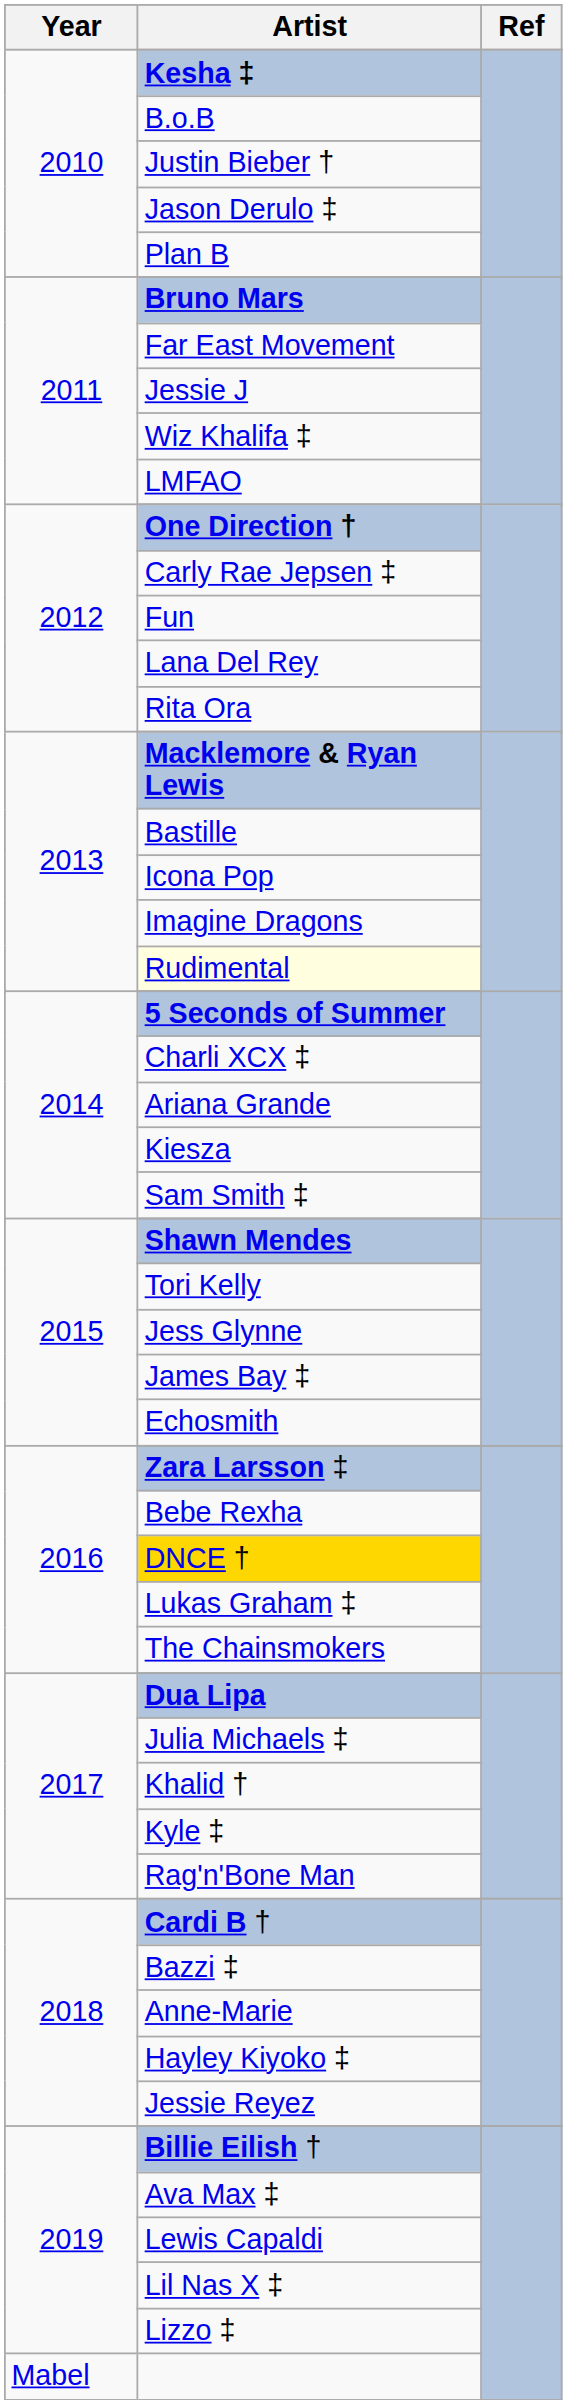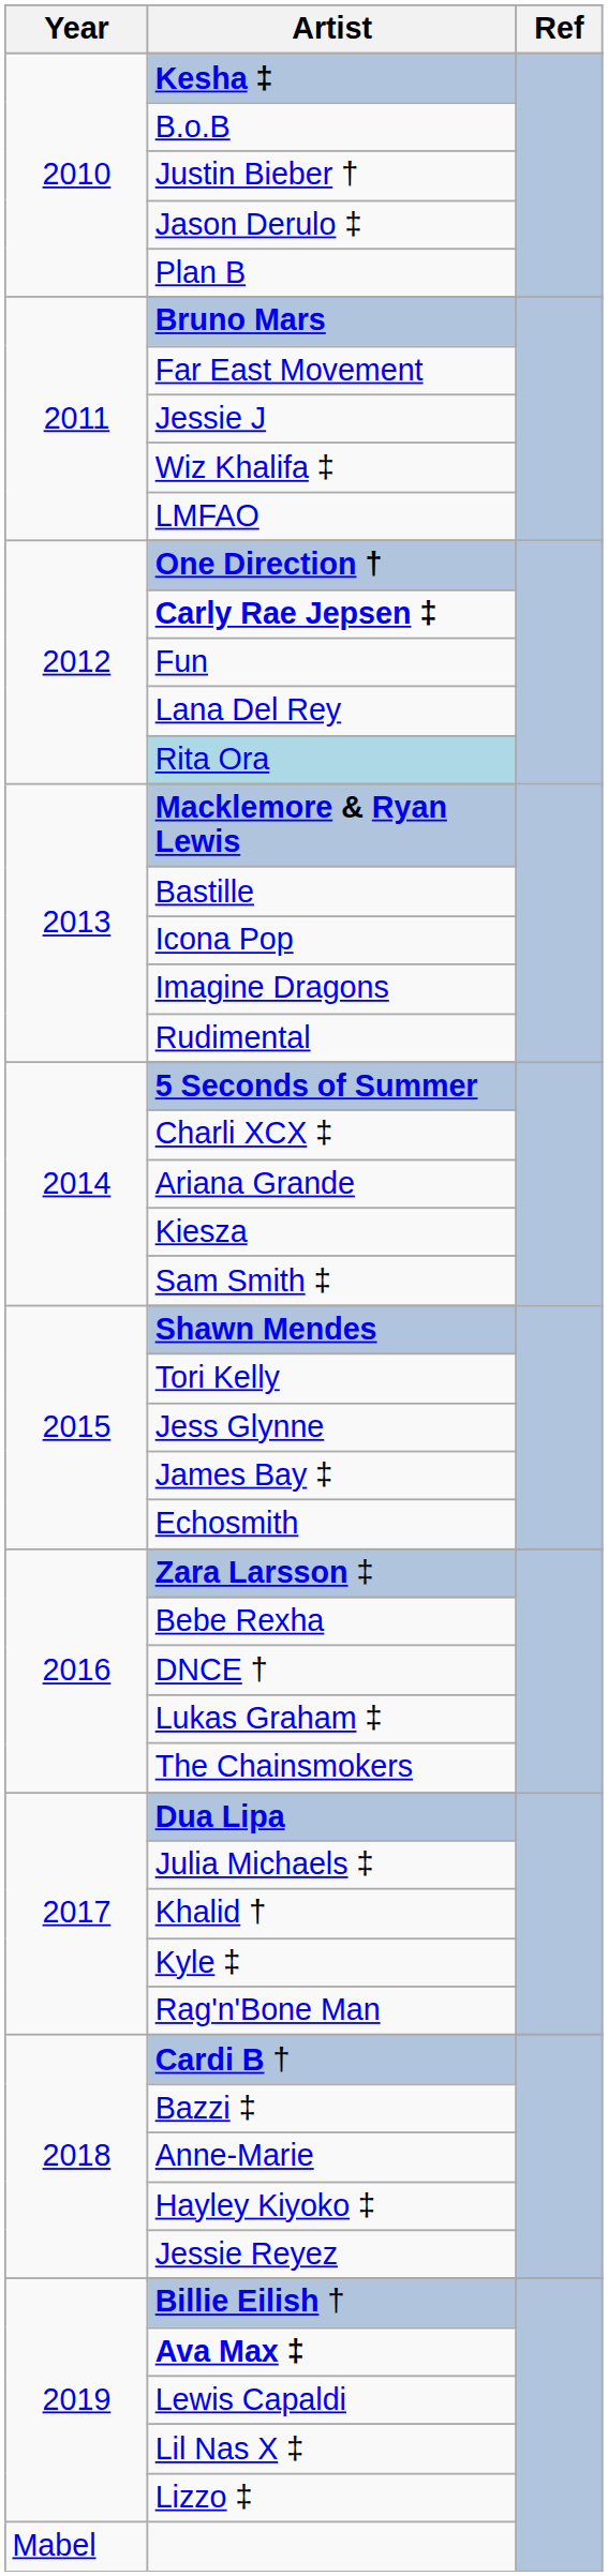 <table class="wikitable" style="width:50%;">
 <tr style="background:#bebebe;">
 <th style="width:10%;">Year</th>
 <th style="width:35%;">Artist</th>
 <th style="width:5%;">Ref</th>
 </tr>
 <tr>
 <td rowspan="6" align="center"><a href='#'>2010</a></td>
 </tr>
 <tr style="background:#B0C4DE">
 <td><strong><a href='#'>Kesha</a> ‡</strong></td>
 <td rowspan="6" align="center"></td>
 </tr>
 <tr>
 <td><a href='#'>B.o.B</a></td>
 </tr>
 <tr>
 <td><a href='#'>Justin Bieber</a> †</td>
 </tr>
 <tr>
 <td><a href='#'>Jason Derulo</a> ‡</td>
 </tr>
 <tr>
 <td><a href='#'>Plan B</a></td>
 </tr>
 <tr>
 <td rowspan="6" align="center"><a href='#'>2011</a></td>
 </tr>
 <tr style="background:#B0C4DE">
 <td><strong><a href='#'>Bruno Mars</a></strong></td>
 <td rowspan="6" align="center"></td>
 </tr>
 <tr>
 <td><a href='#'>Far East Movement</a></td>
 </tr>
 <tr>
 <td><a href='#'>Jessie J</a></td>
 </tr>
 <tr>
 <td><a href='#'>Wiz Khalifa</a> ‡</td>
 </tr>
 <tr>
 <td><a href='#'>LMFAO</a></td>
 </tr>
 <tr>
 <td rowspan="6" align="center"><a href='#'>2012</a></td>
 </tr>
 <tr style="background:#B0C4DE">
 <td><strong><a href='#'>One Direction</a> †</strong></td>
 <td rowspan="6" align="center"></td>
 </tr>
 <tr>
-<td><a href='#'>Carly Rae Jepsen</a> ‡</td>
+<td><strong><a href='#'>Carly Rae Jepsen</a> ‡</strong></td>
 </tr>
 <tr>
 <td><a href='#'>Fun</a></td>
 </tr>
 <tr>
 <td><a href='#'>Lana Del Rey</a></td>
 </tr>
 <tr>
-<td><a href='#'>Rita Ora</a></td>
+<td style="background: lightblue;"><a href='#'>Rita Ora</a></td>
 </tr>
 <tr>
 <td rowspan="6" align="center"><a href='#'>2013</a></td>
 </tr>
 <tr style="background:#B0C4DE">
 <td><strong><a href='#'>Macklemore</a> & <a href='#'>Ryan Lewis</a></strong></td>
 <td rowspan="6" align="center"></td>
 </tr>
 <tr>
 <td><a href='#'>Bastille</a></td>
 </tr>
 <tr>
 <td><a href='#'>Icona Pop</a></td>
 </tr>
 <tr>
 <td><a href='#'>Imagine Dragons</a></td>
 </tr>
 <tr>
-<td style="background: lightyellow;"><a href='#'>Rudimental</a></td>
+<td><a href='#'>Rudimental</a></td>
 </tr>
 <tr>
 <td rowspan="6" align="center"><a href='#'>2014</a></td>
 </tr>
 <tr style="background:#B0C4DE">
 <td><strong><a href='#'>5 Seconds of Summer</a></strong></td>
 <td rowspan="6" align="center"></td>
 </tr>
 <tr>
 <td><a href='#'>Charli XCX</a> ‡</td>
 </tr>
 <tr>
 <td><a href='#'>Ariana Grande</a></td>
 </tr>
 <tr>
 <td><a href='#'>Kiesza</a></td>
 </tr>
 <tr>
 <td><a href='#'>Sam Smith</a> ‡</td>
 </tr>
 <tr>
 <td rowspan="6" align="center"><a href='#'>2015</a></td>
 </tr>
 <tr style="background:#B0C4DE">
 <td><strong><a href='#'>Shawn Mendes</a></strong></td>
 <td rowspan="5" align="center"></td>
 </tr>
 <tr>
 <td><a href='#'>Tori Kelly</a></td>
 </tr>
 <tr>
 <td><a href='#'>Jess Glynne</a></td>
 </tr>
 <tr>
 <td><a href='#'>James Bay</a> ‡</td>
 </tr>
 <tr>
 <td><a href='#'>Echosmith</a></td>
 </tr>
 <tr>
 <td rowspan="6" align="center"><a href='#'>2016</a></td>
 </tr>
 <tr style="background:#B0C4DE">
 <td><strong><a href='#'>Zara Larsson</a></strong> ‡</td>
 <td rowspan="6" align="center"></td>
 </tr>
 <tr>
 <td><a href='#'>Bebe Rexha</a></td>
 </tr>
 <tr>
-<td style="background: gold;"><a href='#'>DNCE</a> †</td>
+<td><a href='#'>DNCE</a> †</td>
 </tr>
 <tr>
 <td><a href='#'>Lukas Graham</a> ‡</td>
 </tr>
 <tr>
 <td><a href='#'>The Chainsmokers</a></td>
 </tr>
 <tr>
 <td rowspan="6" align="center"><a href='#'>2017</a></td>
 </tr>
 <tr style="background:#B0C4DE">
 <td><strong><a href='#'>Dua Lipa</a></strong></td>
 <td rowspan="5" align="center"></td>
 </tr>
 <tr>
 <td><a href='#'>Julia Michaels</a> ‡</td>
 </tr>
 <tr>
 <td><a href='#'>Khalid</a> †</td>
 </tr>
 <tr>
 <td><a href='#'>Kyle</a> ‡</td>
 </tr>
 <tr>
 <td><a href='#'>Rag'n'Bone Man</a></td>
 </tr>
 <tr>
 <td rowspan="6" align="center"><a href='#'>2018</a></td>
 </tr>
 <tr style="background:#B0C4DE">
 <td><strong><a href='#'>Cardi B</a></strong> †</td>
 <td rowspan="5" align="center"></td>
 </tr>
 <tr>
 <td><a href='#'>Bazzi</a> ‡</td>
 </tr>
 <tr>
 <td><a href='#'>Anne-Marie</a></td>
 </tr>
 <tr>
 <td><a href='#'>Hayley Kiyoko</a> ‡</td>
 </tr>
 <tr>
 <td><a href='#'>Jessie Reyez</a></td>
 </tr>
 <tr>
 <td rowspan="7" align="center"><a href='#'>2019</a></td>
 </tr>
 <tr>
 </tr>
 <tr style="background:#B0C4DE">
 <td><strong><a href='#'>Billie Eilish</a></strong> †</td>
 <td rowspan="7" align="center"></td>
 </tr>
 <tr>
-<td><a href='#'>Ava Max</a> ‡</td>
+<td><strong><a href='#'>Ava Max</a> ‡</strong></td>
 </tr>
 <tr>
 <td><a href='#'>Lewis Capaldi</a></td>
 </tr>
 <tr>
 <td><a href='#'>Lil Nas X</a> ‡</td>
 </tr>
 <tr>
 <td><a href='#'>Lizzo</a> ‡</td>
 </tr>
 <tr>
 <td><a href='#'>Mabel</a></td>
 </tr>
 </table>
